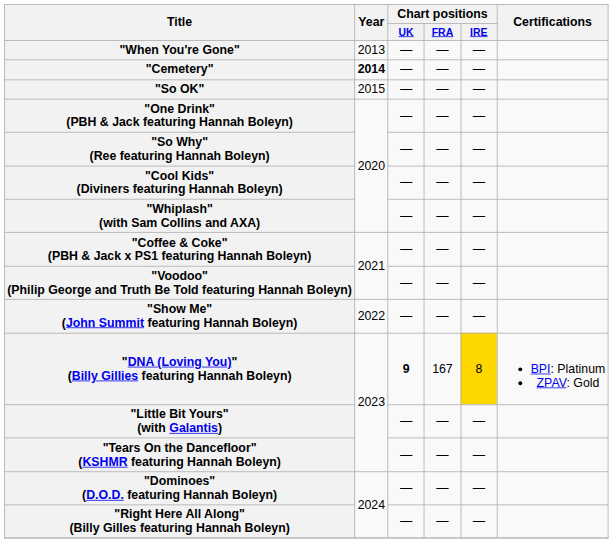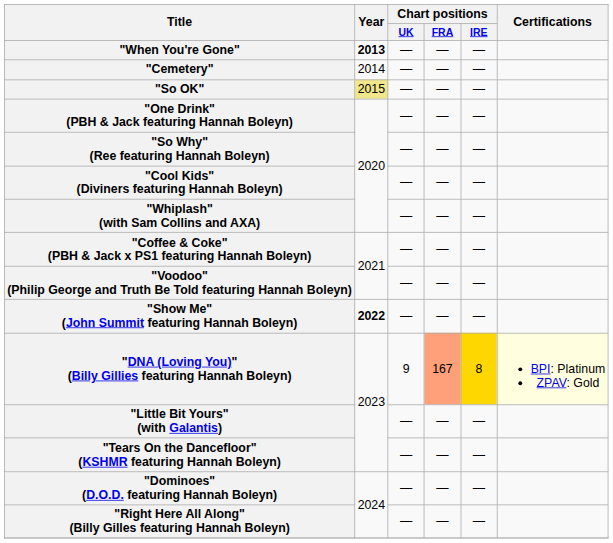 <table class="wikitable plainrowheaders" style="text-align:center;">
 <tr>
 <th rowspan="2">Title</th>
 <th rowspan="2">Year</th>
 <th colspan="3">Chart positions</th>
 <th rowspan="2">Certifications</th>
 </tr>
 <tr>
 <th scope="col" style="width:3em;font-size:85%;"><a href='#'>UK</a><br></th>
 <th scope="col" style="width:3em;font-size:85%;"><a href='#'>FRA</a><br></th>
 <th scope="col" style="width:3em;font-size:85%;"><a href='#'>IRE</a><br></th>
 </tr>
 <tr>
 <th scope="row">"When You're Gone"</th>
-<td>2013</td>
+<td><strong>2013</strong></td>
 <td>—</td>
 <td>—</td>
 <td>—</td>
 <td></td>
 </tr>
 <tr>
 <th scope="row">"Cemetery"</th>
-<td><strong>2014</strong></td>
+<td>2014</td>
 <td>—</td>
 <td>—</td>
 <td>—</td>
 <td></td>
 </tr>
 <tr>
 <th scope="row">"So OK"</th>
-<td>2015</td>
+<td style="background: khaki;">2015</td>
 <td>—</td>
 <td>—</td>
 <td>—</td>
 <td></td>
 </tr>
 <tr>
 <th scope="row">"One Drink"<br>(PBH & Jack featuring Hannah Boleyn)</th>
 <td rowspan="4">2020</td>
 <td>—</td>
 <td>—</td>
 <td>—</td>
 <td></td>
 </tr>
 <tr>
 <th scope="row">"So Why"<br>(Ree featuring Hannah Boleyn)</th>
 <td>—</td>
 <td>—</td>
 <td>—</td>
 <td></td>
 </tr>
 <tr>
 <th scope="row">"Cool Kids"<br>(Diviners featuring Hannah Boleyn)</th>
 <td>—</td>
 <td>—</td>
 <td>—</td>
 <td></td>
 </tr>
 <tr>
 <th scope="row">"Whiplash"<br>(with Sam Collins and AXA)</th>
 <td>—</td>
 <td>—</td>
 <td>—</td>
 <td></td>
 </tr>
 <tr>
 <th scope="row">"Coffee & Coke"<br>(PBH & Jack x PS1 featuring Hannah Boleyn)</th>
 <td rowspan="2">2021</td>
 <td>—</td>
 <td>—</td>
 <td>—</td>
 <td></td>
 </tr>
 <tr>
 <th scope="row">"Voodoo"<br>(Philip George and Truth Be Told featuring Hannah Boleyn)</th>
 <td>—</td>
 <td>—</td>
 <td>—</td>
 <td></td>
 </tr>
 <tr>
 <th scope="row">"Show Me"<br>(<a href='#'>John Summit</a> featuring Hannah Boleyn)</th>
-<td>2022</td>
+<td><strong>2022</strong></td>
 <td>—</td>
 <td>—</td>
 <td>—</td>
 <td></td>
 </tr>
 <tr>
 <th scope="row">"<a href='#'>DNA (Loving You)</a>"<br>(<a href='#'>Billy Gillies</a> featuring Hannah Boleyn)</th>
 <td rowspan="3">2023</td>
-<td><strong>9</strong></td>
-<td>167</td>
+<td>9</td>
+<td style="background: lightsalmon;">167</td>
 <td style="background: gold;">8</td>
-<td><br><ul><li><a href='#'>BPI</a>: Platinum</li><li><a href='#'>ZPAV</a>: Gold</li></ul></td>
+<td style="background: lightyellow;"><br><ul><li><a href='#'>BPI</a>: Platinum</li><li><a href='#'>ZPAV</a>: Gold</li></ul></td>
 </tr>
 <tr>
 <th scope="row">"Little Bit Yours" <br>(with <a href='#'>Galantis</a>)</th>
 <td>—</td>
 <td>—</td>
 <td>—</td>
 <td></td>
 </tr>
 <tr>
 <th scope="row">"Tears On the Dancefloor" <br>(<a href='#'>KSHMR</a> featuring Hannah Boleyn)</th>
 <td>—</td>
 <td>—</td>
 <td>—</td>
 <td></td>
 </tr>
 <tr>
 <th scope="row">"Dominoes" <br>(<a href='#'>D.O.D.</a> featuring Hannah Boleyn)</th>
 <td rowspan="2">2024</td>
 <td>—</td>
 <td>—</td>
 <td>—</td>
 <td></td>
 </tr>
 <tr>
 <th scope="row">"Right Here All Along"<br>(Billy Gilles featuring Hannah Boleyn)</th>
 <td>—</td>
 <td>—</td>
 <td>—</td>
 <td></td>
 </tr>
 <tr>
 </tr>
 </table>
